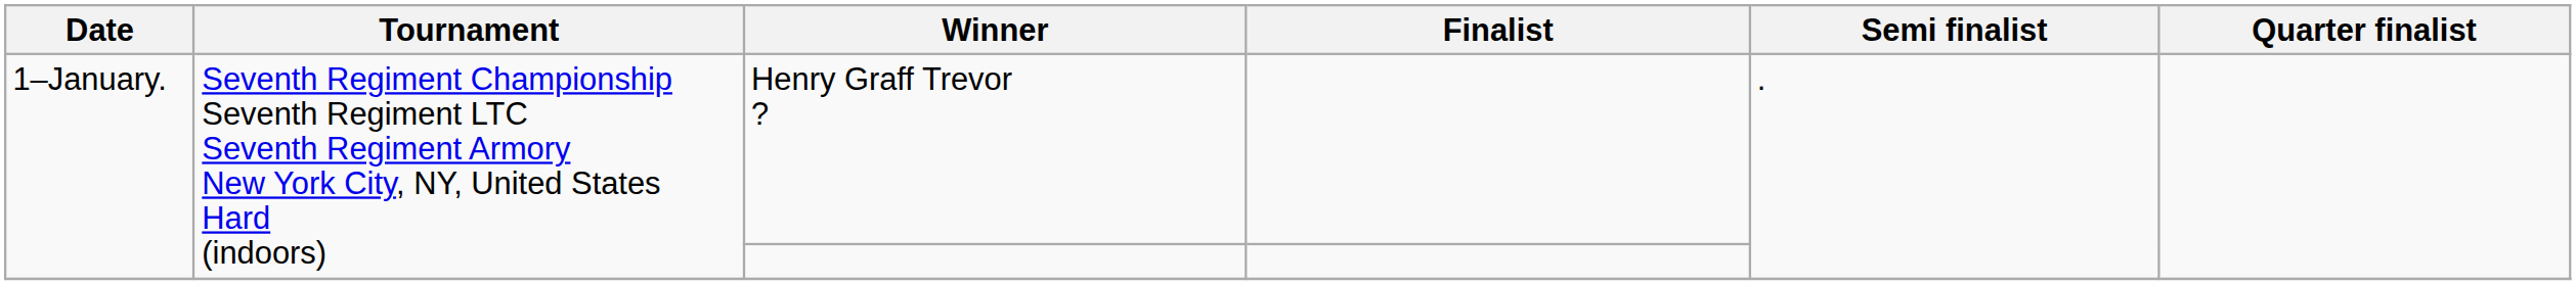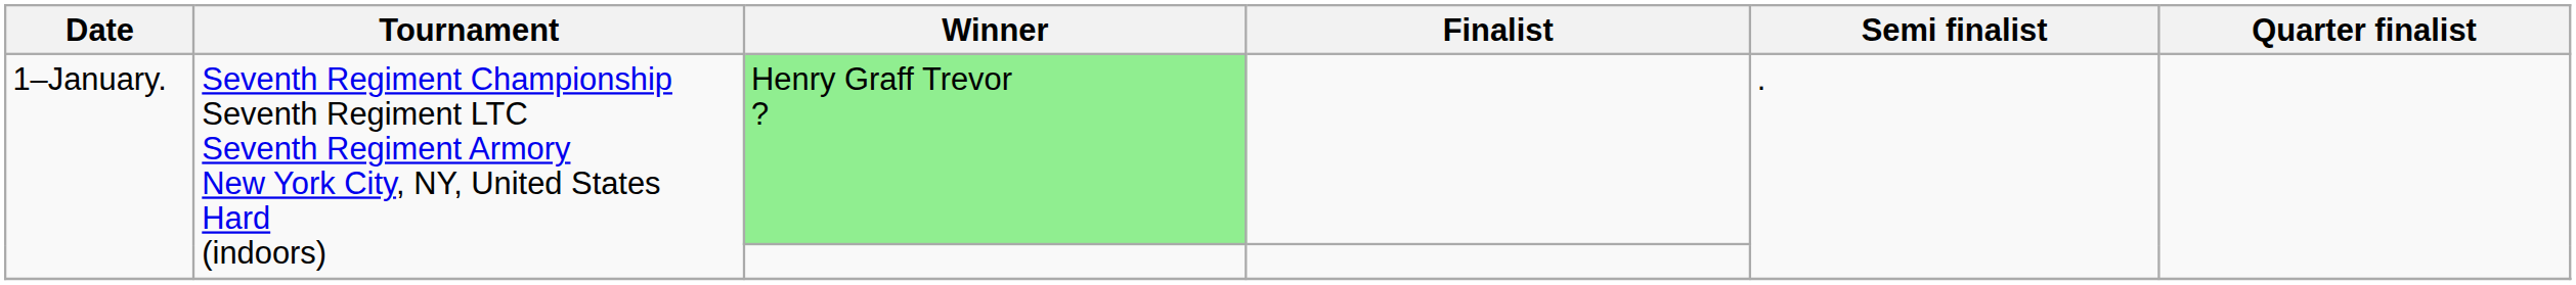 <table class="wikitable" style="font-size:85%;">
 <tr>
 <th width="75">Date</th>
 <th width="230">Tournament</th>
 <th width="210">Winner</th>
 <th width="210">Finalist</th>
 <th width="170">Semi finalist</th>
 <th width="170">Quarter finalist</th>
 </tr>
 <tr valign=top>
 <td rowspan=2>1–January.</td>
 <td rowspan=2><a href='#'>Seventh Regiment Championship</a><br>Seventh Regiment LTC<br><a href='#'>Seventh Regiment Armory</a><br><a href='#'>New York City</a>, NY, United States<br><a href='#'>Hard</a><br>(indoors)</td>
-<td> Henry Graff Trevor<br>?</td>
+<td style="background: lightgreen;"> Henry Graff Trevor<br>?</td>
 <td></td>
 <td rowspan=2>.</td>
 <td rowspan=2><br></td>
 </tr>
 <tr valign=top>
 <td></td>
 <td></td>
 </tr>
 <tr valign=top>
 </tr>
 </table>
